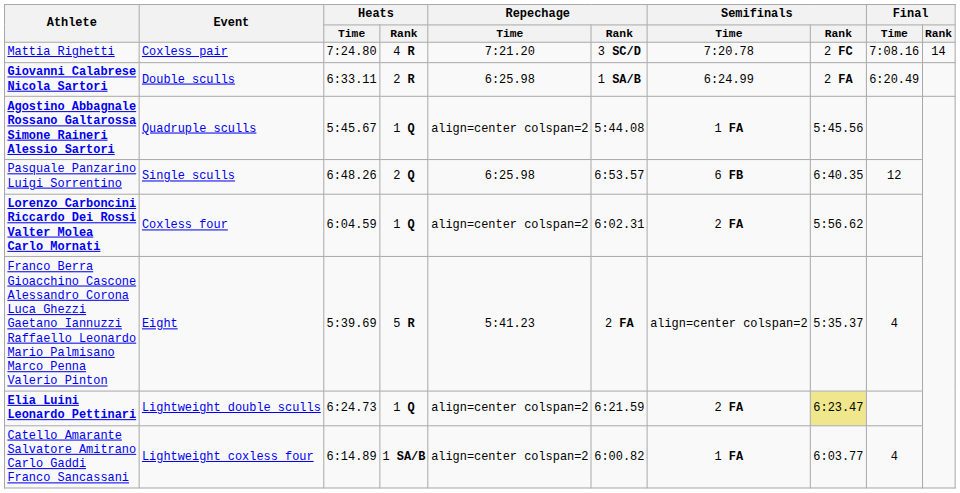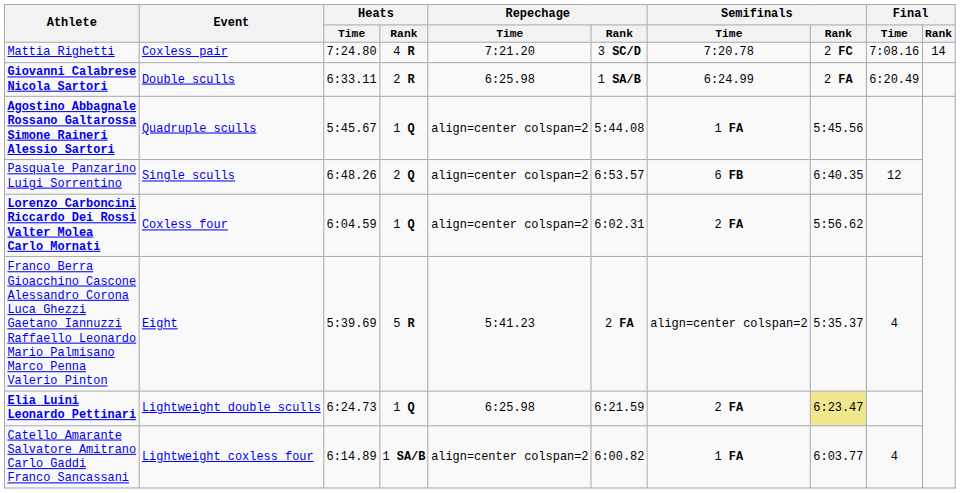 <table class="wikitable" style="font-size:90%;">
 <tr>
 <th rowspan="2">Athlete</th>
 <th rowspan="2">Event</th>
 <th colspan="2">Heats</th>
 <th colspan="2">Repechage</th>
 <th colspan="2">Semifinals</th>
 <th colspan="2">Final</th>
 </tr>
 <tr style="font-size:95%">
 <th>Time</th>
 <th>Rank</th>
 <th>Time</th>
 <th>Rank</th>
 <th>Time</th>
 <th>Rank</th>
 <th>Time</th>
 <th>Rank</th>
 </tr>
 <tr>
 <td align=left><a href='#'>Mattia Righetti</a></td>
 <td align=left><a href='#'>Coxless pair</a></td>
 <td align=center>7:24.80</td>
 <td align=center>4 <strong>R</strong></td>
 <td align=center>7:21.20</td>
 <td align=center>3 <strong>SC/D</strong></td>
 <td align=center>7:20.78</td>
 <td align=center>2 <strong>FC</strong></td>
 <td align=center>7:08.16</td>
 <td align=center>14</td>
 </tr>
 <tr>
 <td align=left><strong><a href='#'>Giovanni Calabrese</a></strong><br> <strong><a href='#'>Nicola Sartori</a></strong></td>
 <td align=left><a href='#'>Double sculls</a></td>
 <td align=center>6:33.11</td>
 <td align=center>2 <strong>R</strong></td>
 <td align=center>6:25.98</td>
 <td align=center>1 <strong>SA/B</strong></td>
 <td align=center>6:24.99</td>
 <td align=center>2 <strong>FA</strong></td>
 <td align=center>6:20.49</td>
 <td align=center></td>
 </tr>
 <tr>
 <td align=left><strong><a href='#'>Agostino Abbagnale</a></strong><br> <strong><a href='#'>Rossano Galtarossa</a></strong><br> <strong><a href='#'>Simone Raineri</a></strong><br> <strong><a href='#'>Alessio Sartori</a></strong></td>
 <td align=left><a href='#'>Quadruple sculls</a></td>
 <td align=center>5:45.67</td>
 <td align=center>1 <strong>Q</strong></td>
 <td>align=center colspan=2 </td>
 <td align=center>5:44.08</td>
 <td align=center>1 <strong>FA</strong></td>
 <td align=center>5:45.56</td>
 <td align=center></td>
 </tr>
 <tr>
 <td align=left><a href='#'>Pasquale Panzarino</a><br> <a href='#'>Luigi Sorrentino</a></td>
 <td align=left><a href='#'>Single sculls</a></td>
 <td align=center>6:48.26</td>
 <td align=center>2 <strong>Q</strong></td>
-<td align=center>6:25.98</td>
+<td>align=center colspan=2 </td>
 <td align=center>6:53.57</td>
 <td align=center>6 <strong>FB</strong></td>
 <td align=center>6:40.35</td>
 <td align=center>12</td>
 </tr>
 <tr>
 <td align=left><strong><a href='#'>Lorenzo Carboncini</a></strong><br> <strong><a href='#'>Riccardo Dei Rossi</a></strong><br> <strong><a href='#'>Valter Molea</a></strong><br> <strong><a href='#'>Carlo Mornati</a></strong></td>
 <td align=left><a href='#'>Coxless four</a></td>
 <td align=center>6:04.59</td>
 <td align=center>1 <strong>Q</strong></td>
 <td>align=center colspan=2 </td>
 <td align=center>6:02.31</td>
 <td align=center>2 <strong>FA</strong></td>
 <td align=center>5:56.62</td>
 <td align=center></td>
 </tr>
 <tr>
 <td align=left><a href='#'>Franco Berra</a><br> <a href='#'>Gioacchino Cascone</a><br> <a href='#'>Alessandro Corona</a><br> <a href='#'>Luca Ghezzi</a><br> <a href='#'>Gaetano Iannuzzi</a><br> <a href='#'>Raffaello Leonardo</a><br> <a href='#'>Mario Palmisano</a><br> <a href='#'>Marco Penna</a><br> <a href='#'>Valerio Pinton</a></td>
 <td align=left><a href='#'>Eight</a></td>
 <td align=center>5:39.69</td>
 <td align=center>5 <strong>R</strong></td>
 <td align=center>5:41.23</td>
 <td align=center>2 <strong>FA</strong></td>
 <td>align=center colspan=2 </td>
 <td align=center>5:35.37</td>
 <td align=center>4</td>
 </tr>
 <tr>
 <td align=left><strong><a href='#'>Elia Luini</a></strong><br> <strong><a href='#'>Leonardo Pettinari</a></strong></td>
 <td align=left><a href='#'>Lightweight double sculls</a></td>
 <td align=center>6:24.73</td>
 <td align=center>1 <strong>Q</strong></td>
-<td>align=center colspan=2 </td>
+<td align=center>6:25.98</td>
 <td align=center>6:21.59</td>
 <td align=center>2 <strong>FA</strong></td>
 <td align=center style="background: khaki;">6:23.47</td>
 <td align=center></td>
 </tr>
 <tr>
 <td align=left><a href='#'>Catello Amarante</a><br> <a href='#'>Salvatore Amitrano</a><br> <a href='#'>Carlo Gaddi</a><br> <a href='#'>Franco Sancassani</a></td>
 <td align=left><a href='#'>Lightweight coxless four</a></td>
 <td align=center>6:14.89</td>
 <td align=center>1 <strong>SA/B</strong></td>
 <td>align=center colspan=2 </td>
 <td align=center>6:00.82</td>
 <td align=center>1 <strong>FA</strong></td>
 <td align=center>6:03.77</td>
 <td align=center>4</td>
 </tr>
 </table>
